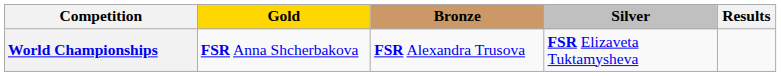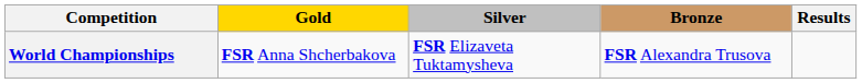 <table class="wikitable unsortable" style="text-align:left; width:90%;">
 <tr>
 <th scope="col" style="text-align:center; width:25%;">Competition</th>
 <td scope="col" style="text-align:center; width:22.5%; background:gold"><strong>Gold</strong></td>
+<td scope="col" style="text-align:center; width:22.5%; background:silver"><strong>Silver</strong></td>
 <td scope="col" style="text-align:center; width:22.5%; background:#c96"><strong>Bronze</strong></td>
-<td scope="col" style="text-align:center; width:22.5%; background:silver"><strong>Silver</strong></td>
 <th scope="col" style="text-align:center; width:7.5%;">Results</th>
 </tr>
 <tr>
 <th scope="row" style="text-align:left"> <a href='#'>World Championships</a></th>
 <td><strong><a href='#'>FSR</a></strong> <a href='#'>Anna Shcherbakova</a></td>
+<td><strong><a href='#'>FSR</a></strong> <a href='#'>Elizaveta Tuktamysheva</a></td>
 <td><strong><a href='#'>FSR</a></strong> <a href='#'>Alexandra Trusova</a></td>
-<td><strong><a href='#'>FSR</a></strong> <a href='#'>Elizaveta Tuktamysheva</a></td>
 <td></td>
 </tr>
 </table>
